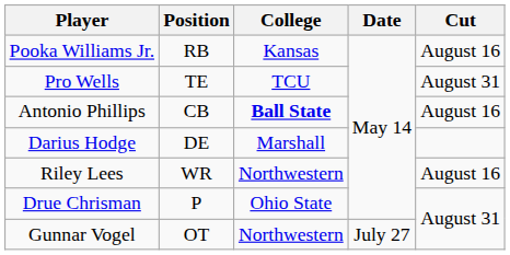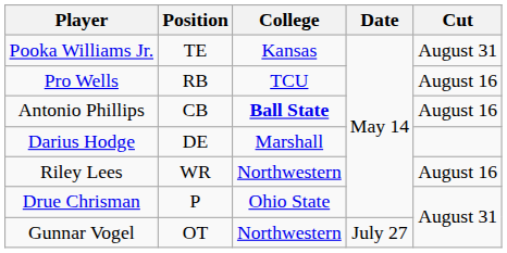 <table class="wikitable" style="text-align:center">
 <tr>
 <th>Player</th>
 <th>Position</th>
 <th>College</th>
 <th>Date</th>
 <th>Cut</th>
 </tr>
 <tr>
 <td><a href='#'>Pooka Williams Jr.</a></td>
-<td>RB</td>
+<td>TE</td>
 <td><a href='#'>Kansas</a></td>
 <td rowspan=6>May 14</td>
-<td>August 16</td>
+<td>August 31</td>
 </tr>
 <tr>
 <td><a href='#'>Pro Wells</a></td>
-<td>TE</td>
+<td>RB</td>
 <td><a href='#'>TCU</a></td>
-<td>August 31</td>
+<td>August 16</td>
 </tr>
 <tr>
 <td>Antonio Phillips</td>
 <td>CB</td>
 <td><strong><a href='#'>Ball State</a></strong></td>
 <td>August 16</td>
 </tr>
 <tr>
 <td><a href='#'>Darius Hodge</a></td>
 <td>DE</td>
 <td><a href='#'>Marshall</a></td>
 <td></td>
 </tr>
 <tr>
 <td>Riley Lees</td>
 <td>WR</td>
 <td><a href='#'>Northwestern</a></td>
 <td>August 16</td>
 </tr>
 <tr>
 <td><a href='#'>Drue Chrisman</a></td>
 <td>P</td>
 <td><a href='#'>Ohio State</a></td>
 <td rowspan="2">August 31</td>
 </tr>
 <tr>
 <td>Gunnar Vogel</td>
 <td>OT</td>
 <td><a href='#'>Northwestern</a></td>
 <td>July 27</td>
 </tr>
 </table>
